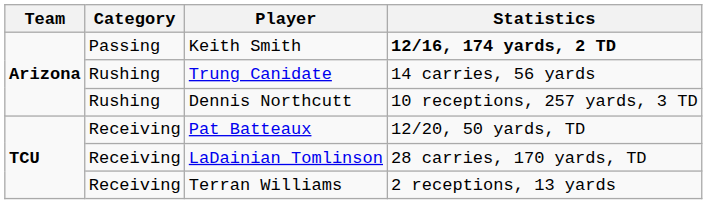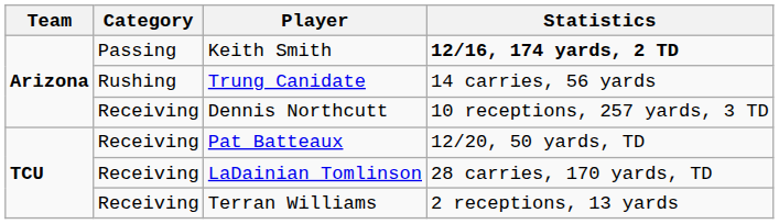 <table class="wikitable" style="float: right;">
 <tr>
 <th>Team</th>
 <th>Category</th>
 <th>Player</th>
 <th>Statistics</th>
 </tr>
 <tr>
 <td rowspan=3><strong>Arizona</strong></td>
 <td>Passing</td>
 <td>Keith Smith</td>
 <td><strong>12/16, 174 yards, 2 TD</strong></td>
 </tr>
 <tr>
 <td>Rushing</td>
 <td><a href='#'>Trung Canidate</a></td>
 <td>14 carries, 56 yards</td>
 </tr>
 <tr>
-<td>Rushing</td>
+<td>Receiving</td>
 <td>Dennis Northcutt</td>
 <td>10 receptions, 257 yards, 3 TD</td>
 </tr>
 <tr>
 <td rowspan=3><strong>TCU</strong></td>
 <td>Receiving</td>
 <td><a href='#'>Pat Batteaux</a></td>
 <td>12/20, 50 yards, TD</td>
 </tr>
 <tr>
 <td>Receiving</td>
 <td><a href='#'>LaDainian Tomlinson</a></td>
 <td>28 carries, 170 yards, TD</td>
 </tr>
 <tr>
 <td>Receiving</td>
 <td>Terran Williams</td>
 <td>2 receptions, 13 yards</td>
 </tr>
 </table>
